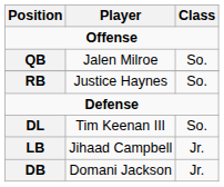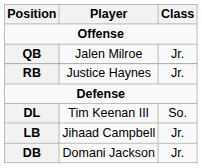 <table class="wikitable">
 <tr>
 <th>Position</th>
 <th>Player</th>
 <th>Class</th>
 </tr>
 <tr>
 <td colspan="4" style="text-align:center; "><strong>Offense</strong></td>
 </tr>
 <tr style="text-align:center;">
 <th rowspan="1">QB</th>
 <td>Jalen Milroe</td>
-<td>So.</td>
+<td>Jr.</td>
 </tr>
 <tr>
 </tr>
 <tr style="text-align:center;">
 <th rowspan="1">RB</th>
 <td>Justice Haynes</td>
-<td>So.</td>
+<td>Jr.</td>
 </tr>
 <tr>
 <td colspan="4" style="text-align:center; "><strong>Defense</strong></td>
 </tr>
 <tr style="text-align:center;">
 <th rowspan="1">DL</th>
 <td>Tim Keenan III</td>
 <td>So.</td>
 </tr>
 <tr style="text-align:center;">
 <th rowspan="1">LB</th>
 <td>Jihaad Campbell</td>
 <td>Jr.</td>
 </tr>
 <tr style="text-align:center;">
 <th rowspan="2">DB</th>
 <td>Domani Jackson</td>
 <td>Jr.</td>
 </tr>
 </table>
